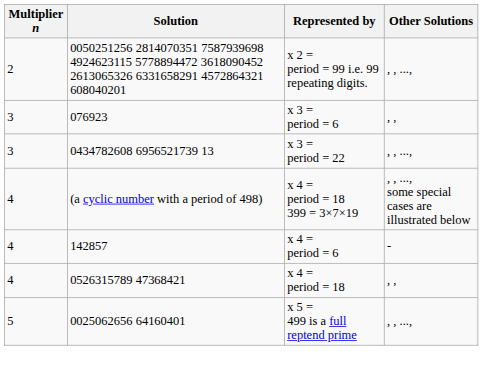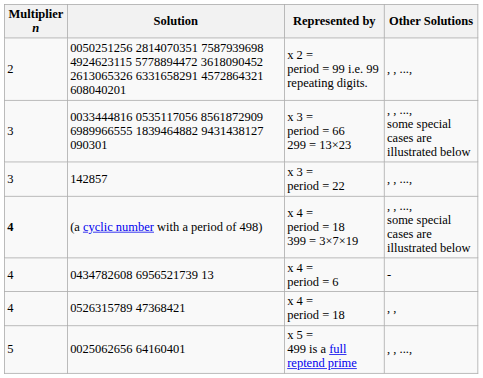 <table class="wikitable">
 <tr>
 <th>Multiplier <em>n</em></th>
 <th>Solution</th>
 <th>Represented by</th>
 <th>Other Solutions</th>
 </tr>
 <tr>
 <td>2</td>
 <td>0050251256 2814070351 7587939698 4924623115 5778894472 3618090452 2613065326  6331658291 4572864321 608040201</td>
 <td> x 2 = <br>period = 99 i.e. 99 repeating digits.</td>
 <td>, , ..., </td>
 </tr>
 <tr>
 <td>3</td>
-<td>076923</td>
-<td> x 3 = <br>period = 6</td>
-<td>, , </td>
+<td>0033444816 0535117056 8561872909 6989966555 1839464882 9431438127 090301</td>
+<td> x 3 = <br>period = 66<br>299 = 13×23</td>
+<td>, , ..., <br>some special cases are illustrated below</td>
 </tr>
 <tr>
 <td>3</td>
-<td>0434782608 6956521739 13</td>
+<td>142857</td>
 <td> x 3 = <br>period = 22</td>
 <td>, , ..., </td>
 </tr>
 <tr>
-<td>4</td>
+<td><strong>4</strong></td>
 <td>(a <a href='#'>cyclic number</a> with a period of 498)</td>
 <td> x 4 = <br>period = 18<br>399 = 3×7×19</td>
 <td>, , ..., <br>some special cases are illustrated below</td>
 </tr>
 <tr>
 <td>4</td>
-<td>142857</td>
+<td>0434782608 6956521739 13</td>
 <td> x 4 = <br>period = 6</td>
 <td>-</td>
 </tr>
 <tr>
 <td>4</td>
 <td>0526315789 47368421</td>
 <td> x 4 = <br>period = 18</td>
 <td>, , </td>
 </tr>
 <tr>
 <td>5</td>
 <td>0025062656 64160401</td>
 <td> x 5 = <br>499 is a <a href='#'>full reptend prime</a></td>
 <td>, , ..., </td>
 </tr>
 </table>
